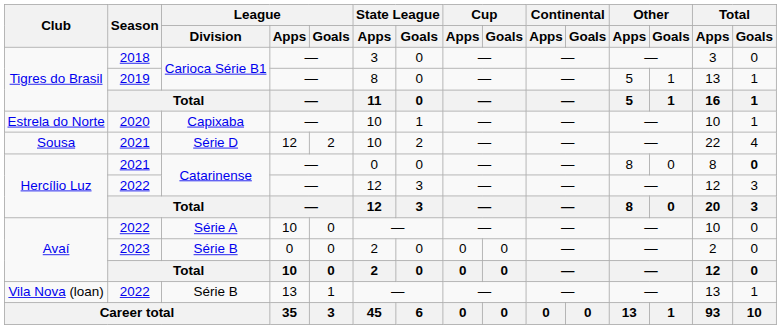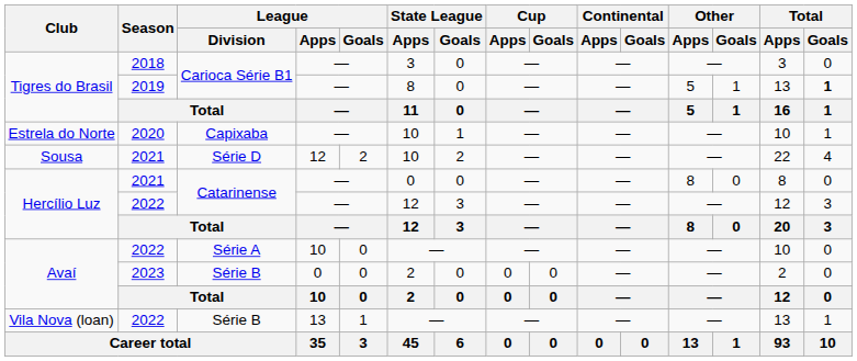 <table class="wikitable" style="text-align: center;">
 <tr>
 <th rowspan="2">Club</th>
 <th rowspan="2">Season</th>
 <th colspan="3">League</th>
 <th colspan="2">State League</th>
 <th colspan="2">Cup</th>
 <th colspan="2">Continental</th>
 <th colspan="2">Other</th>
 <th colspan="2">Total</th>
 </tr>
 <tr>
 <th>Division</th>
 <th>Apps</th>
 <th>Goals</th>
 <th>Apps</th>
 <th>Goals</th>
 <th>Apps</th>
 <th>Goals</th>
 <th>Apps</th>
 <th>Goals</th>
 <th>Apps</th>
 <th>Goals</th>
 <th>Apps</th>
 <th>Goals</th>
 </tr>
 <tr>
 <td rowspan="3" valign="center"><a href='#'>Tigres do Brasil</a></td>
 <td><a href='#'>2018</a></td>
 <td rowspan="2"><a href='#'>Carioca Série B1</a></td>
 <td colspan="2">—</td>
 <td>3</td>
 <td>0</td>
 <td colspan="2">—</td>
 <td colspan="2">—</td>
 <td colspan="2">—</td>
 <td>3</td>
 <td>0</td>
 </tr>
 <tr>
 <td><a href='#'>2019</a></td>
 <td colspan="2">—</td>
 <td>8</td>
 <td>0</td>
 <td colspan="2">—</td>
 <td colspan="2">—</td>
 <td>5</td>
 <td>1</td>
 <td>13</td>
-<td>1</td>
+<td><strong>1</strong></td>
 </tr>
 <tr>
 <th colspan="2">Total</th>
 <th colspan="2">—</th>
 <th>11</th>
 <th>0</th>
 <th colspan="2">—</th>
 <th colspan="2">—</th>
 <th>5</th>
 <th>1</th>
 <th>16</th>
 <th>1</th>
 </tr>
 <tr>
 <td valign="center"><a href='#'>Estrela do Norte</a></td>
 <td><a href='#'>2020</a></td>
 <td><a href='#'>Capixaba</a></td>
 <td colspan="2">—</td>
 <td>10</td>
 <td>1</td>
 <td colspan="2">—</td>
 <td colspan="2">—</td>
 <td colspan="2">—</td>
 <td>10</td>
 <td>1</td>
 </tr>
 <tr>
 <td valign="center"><a href='#'>Sousa</a></td>
 <td><a href='#'>2021</a></td>
 <td><a href='#'>Série D</a></td>
 <td>12</td>
 <td>2</td>
 <td>10</td>
 <td>2</td>
 <td colspan="2">—</td>
 <td colspan="2">—</td>
 <td colspan="2">—</td>
 <td>22</td>
 <td>4</td>
 </tr>
 <tr>
 <td rowspan="3" valign="center"><a href='#'>Hercílio Luz</a></td>
 <td><a href='#'>2021</a></td>
 <td rowspan="2"><a href='#'>Catarinense</a></td>
 <td colspan="2">—</td>
 <td>0</td>
 <td>0</td>
 <td colspan="2">—</td>
 <td colspan="2">—</td>
 <td>8</td>
 <td>0</td>
 <td>8</td>
-<td><strong>0</strong></td>
+<td>0</td>
 </tr>
 <tr>
 <td><a href='#'>2022</a></td>
 <td colspan="2">—</td>
 <td>12</td>
 <td>3</td>
 <td colspan="2">—</td>
 <td colspan="2">—</td>
 <td colspan="2">—</td>
 <td>12</td>
 <td>3</td>
 </tr>
 <tr>
 <th colspan="2">Total</th>
 <th colspan="2">—</th>
 <th>12</th>
 <th>3</th>
 <th colspan="2">—</th>
 <th colspan="2">—</th>
 <th>8</th>
 <th>0</th>
 <th>20</th>
 <th>3</th>
 </tr>
 <tr>
 <td rowspan="3" valign="center"><a href='#'>Avaí</a></td>
 <td><a href='#'>2022</a></td>
 <td><a href='#'>Série A</a></td>
 <td>10</td>
 <td>0</td>
 <td colspan="2">—</td>
 <td colspan="2">—</td>
 <td colspan="2">—</td>
 <td colspan="2">—</td>
 <td>10</td>
 <td>0</td>
 </tr>
 <tr>
 <td><a href='#'>2023</a></td>
 <td><a href='#'>Série B</a></td>
 <td>0</td>
 <td>0</td>
 <td>2</td>
 <td>0</td>
 <td>0</td>
 <td>0</td>
 <td colspan="2">—</td>
 <td colspan="2">—</td>
 <td>2</td>
 <td>0</td>
 </tr>
 <tr>
 <th colspan="2">Total</th>
 <th>10</th>
 <th>0</th>
 <th>2</th>
 <th>0</th>
 <th>0</th>
 <th>0</th>
 <th colspan="2">—</th>
 <th colspan="2">—</th>
 <th>12</th>
 <th>0</th>
 </tr>
 <tr>
 <td valign="center"><a href='#'>Vila Nova</a> (loan)</td>
 <td><a href='#'>2022</a></td>
 <td>Série B</td>
 <td>13</td>
 <td>1</td>
 <td colspan="2">—</td>
 <td colspan="2">—</td>
 <td colspan="2">—</td>
 <td colspan="2">—</td>
 <td>13</td>
 <td>1</td>
 </tr>
 <tr>
 <th colspan="3"><strong>Career total</strong></th>
 <th>35</th>
 <th>3</th>
 <th>45</th>
 <th>6</th>
 <th>0</th>
 <th>0</th>
 <th>0</th>
 <th>0</th>
 <th>13</th>
 <th>1</th>
 <th>93</th>
 <th>10</th>
 </tr>
 </table>
